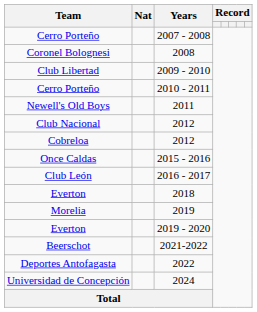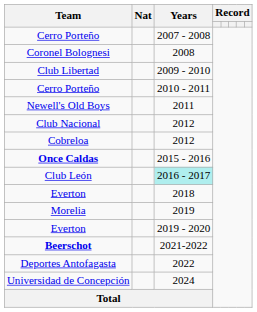 <table class="wikitable" style="text-align: center">
 <tr>
 <th rowspan=2>Team</th>
 <th rowspan=2>Nat</th>
 <th rowspan=2>Years</th>
 <th colspan=5>Record</th>
 </tr>
 <tr>
 <th></th>
 <th></th>
 <th></th>
 <th></th>
 <th></th>
 </tr>
 <tr>
 <td style="text-align:center;"><a href='#'>Cerro Porteño</a></td>
 <td></td>
 <td style="text-align:center;">2007 - 2008<br></td>
 </tr>
 <tr>
 <td style="text-align:center;"><a href='#'>Coronel Bolognesi</a></td>
 <td></td>
 <td style="text-align:center;">2008<br></td>
 </tr>
 <tr>
 <td style="text-align:center;"><a href='#'>Club Libertad</a></td>
 <td></td>
 <td style="text-align:center;">2009 - 2010<br></td>
 </tr>
 <tr>
 <td style="text-align:center;"><a href='#'>Cerro Porteño</a></td>
 <td></td>
 <td style="text-align:center;">2010 - 2011<br></td>
 </tr>
 <tr>
 <td style="text-align:center;"><a href='#'>Newell's Old Boys</a></td>
 <td></td>
 <td style="text-align:center;">2011<br></td>
 </tr>
 <tr>
 <td style="text-align:center;"><a href='#'>Club Nacional</a></td>
 <td></td>
 <td style="text-align:center;">2012<br></td>
 </tr>
 <tr>
 <td style="text-align:center;"><a href='#'>Cobreloa</a></td>
 <td></td>
 <td style="text-align:center;">2012<br></td>
 </tr>
 <tr>
-<td style="text-align:center;"><a href='#'>Once Caldas</a></td>
+<td style="text-align:center;"><strong><a href='#'>Once Caldas</a></strong></td>
 <td></td>
 <td style="text-align:center;">2015 - 2016<br></td>
 </tr>
 <tr>
 <td style="text-align:center;"><a href='#'>Club León</a></td>
 <td></td>
-<td style="text-align:center;">2016 - 2017<br></td>
+<td style="background: paleturquoise; text-align:center;">2016 - 2017<br></td>
 </tr>
 <tr>
 <td style="text-align:center;"><a href='#'>Everton</a></td>
 <td></td>
 <td style="text-align:center;">2018<br></td>
 </tr>
 <tr>
 <td style="text-align:center;"><a href='#'>Morelia</a></td>
 <td></td>
 <td style="text-align:center;">2019<br></td>
 </tr>
 <tr>
 <td style="text-align:center;"><a href='#'>Everton</a></td>
 <td></td>
 <td style="text-align:center;">2019 - 2020<br></td>
 </tr>
 <tr>
-<td style="text-align:center;"><a href='#'>Beerschot</a></td>
+<td style="text-align:center;"><strong><a href='#'>Beerschot</a></strong></td>
 <td></td>
 <td style="text-align:center;">2021-2022<br></td>
 </tr>
 <tr>
 <td style="text-align:center;"><a href='#'>Deportes Antofagasta</a></td>
 <td></td>
 <td style="text-align:center;">2022<br></td>
 </tr>
 <tr>
 <td style="text-align:center;"><a href='#'>Universidad de Concepción</a></td>
 <td></td>
 <td style="text-align:center;">2024<br></td>
 </tr>
 <tr align=center>
 <th colspan="3">Total<br></th>
 </tr>
 </table>
